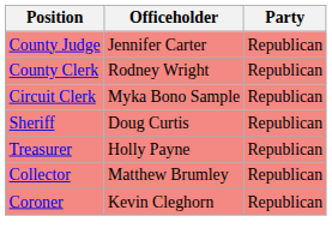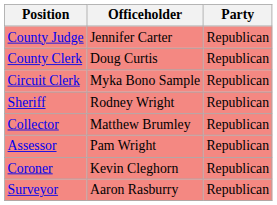 <table class="wikitable">
 <tr>
 <th>Position</th>
 <th>Officeholder</th>
 <th>Party</th>
 </tr>
 <tr style="background-color: #F48882;">
 <td><a href='#'>County Judge</a></td>
 <td>Jennifer Carter</td>
 <td>Republican</td>
 </tr>
 <tr style="background-color: #F48882;">
 <td><a href='#'>County Clerk</a></td>
-<td>Rodney Wright</td>
+<td>Doug Curtis</td>
 <td>Republican</td>
 </tr>
 <tr style="background-color: #F48882;">
 <td><a href='#'>Circuit Clerk</a></td>
 <td>Myka Bono Sample</td>
 <td>Republican</td>
 </tr>
 <tr style="background-color: #F48882;">
 <td><a href='#'>Sheriff</a></td>
-<td>Doug Curtis</td>
-<td>Republican</td>
-</tr>
-<tr style="background-color: #F48882;">
-<td><a href='#'>Treasurer</a></td>
-<td>Holly Payne</td>
+<td>Rodney Wright</td>
 <td>Republican</td>
 </tr>
 <tr style="background-color: #F48882;">
 <td><a href='#'>Collector</a></td>
 <td>Matthew Brumley</td>
 <td>Republican</td>
 </tr>
 <tr style="background-color: #F48882;">
+<td><a href='#'>Assessor</a></td>
+<td>Pam Wright</td>
+<td>Republican</td>
+</tr>
+<tr style="background-color: #F48882;">
 <td><a href='#'>Coroner</a></td>
 <td>Kevin Cleghorn</td>
 <td>Republican</td>
 </tr>
+<tr style="background-color: #F48882;">
+<td><a href='#'>Surveyor</a></td>
+<td>Aaron Rasburry</td>
+<td>Republican</td>
+</tr>
 </table>
